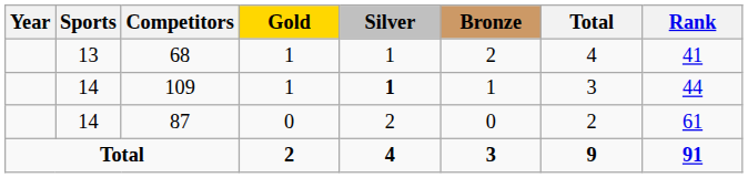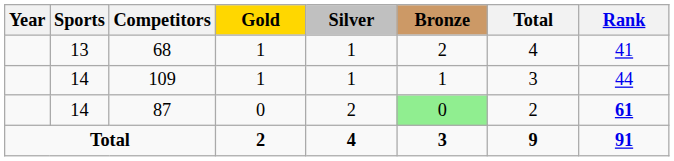 <table class="wikitable" style="text-align:center; font-size:90%;">
 <tr>
 <th>Year</th>
 <th>Sports</th>
 <th>Competitors</th>
 <td style="background:gold; width:4.5em; font-weight:bold;">Gold</td>
 <td style="background:silver; width:4.5em; font-weight:bold;">Silver</td>
 <td style="background:#cc9966; width:4.5em; font-weight:bold;">Bronze</td>
 <th style="width:4.5em; font-weight:bold;">Total</th>
 <th style="width:4.5em; font-weight:bold;"><a href='#'>Rank</a></th>
 </tr>
 <tr>
 <td align=left></td>
 <td>13</td>
 <td>68</td>
 <td>1</td>
 <td>1</td>
 <td>2</td>
 <td>4</td>
 <td><a href='#'>41</a></td>
 </tr>
 <tr>
 <td align=left></td>
 <td>14</td>
 <td>109</td>
 <td>1</td>
-<td><strong>1</strong></td>
+<td>1</td>
 <td>1</td>
 <td>3</td>
 <td><a href='#'>44</a></td>
 </tr>
 <tr>
 <td align=left></td>
 <td>14</td>
 <td>87</td>
 <td>0</td>
 <td>2</td>
-<td>0</td>
+<td style="background: lightgreen;">0</td>
 <td>2</td>
-<td><a href='#'>61</a></td>
+<td><strong><a href='#'>61</a></strong></td>
 </tr>
 <tr>
 <td colspan=3><strong>Total</strong></td>
 <td><strong>2</strong></td>
 <td><strong>4</strong></td>
 <td><strong>3</strong></td>
 <td><strong>9</strong></td>
 <td><strong><a href='#'>91</a></strong></td>
 </tr>
 </table>
